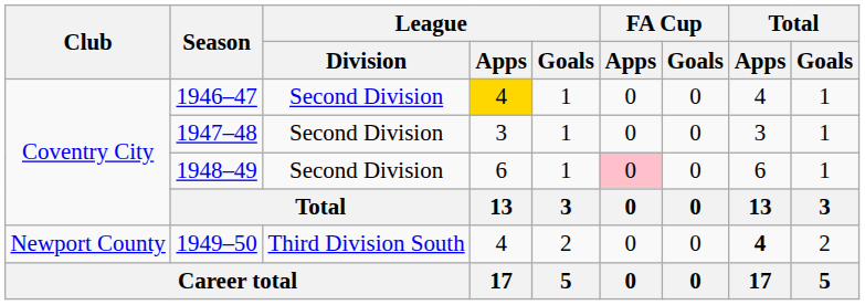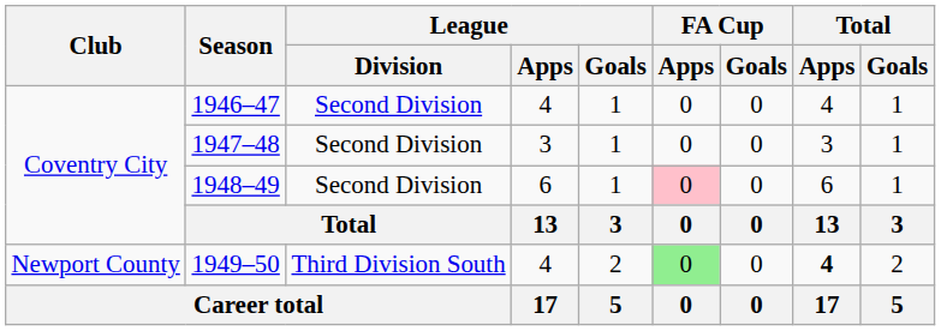 <table class="wikitable" style="text-align: center;">
 <tr>
 <th rowspan="2">Club</th>
 <th rowspan="2">Season</th>
 <th colspan="3">League</th>
 <th colspan="2">FA Cup</th>
 <th colspan="2">Total</th>
 </tr>
 <tr>
 <th>Division</th>
 <th>Apps</th>
 <th>Goals</th>
 <th>Apps</th>
 <th>Goals</th>
 <th>Apps</th>
 <th>Goals</th>
 </tr>
 <tr>
 <td rowspan="4"><a href='#'>Coventry City</a></td>
 <td><a href='#'>1946–47</a></td>
 <td><a href='#'>Second Division</a></td>
-<td style="background: gold;">4</td>
+<td>4</td>
 <td>1</td>
 <td>0</td>
 <td>0</td>
 <td>4</td>
 <td>1</td>
 </tr>
 <tr>
 <td><a href='#'>1947–48</a></td>
 <td>Second Division</td>
 <td>3</td>
 <td>1</td>
 <td>0</td>
 <td>0</td>
 <td>3</td>
 <td>1</td>
 </tr>
 <tr>
 <td><a href='#'>1948–49</a></td>
 <td>Second Division</td>
 <td>6</td>
 <td>1</td>
 <td style="background: pink;">0</td>
 <td>0</td>
 <td>6</td>
 <td>1</td>
 </tr>
 <tr>
 <th colspan="2">Total</th>
 <th>13</th>
 <th>3</th>
 <th>0</th>
 <th>0</th>
 <th>13</th>
 <th>3</th>
 </tr>
 <tr>
 <td><a href='#'>Newport County</a></td>
 <td><a href='#'>1949–50</a></td>
 <td><a href='#'>Third Division South</a></td>
 <td>4</td>
 <td>2</td>
-<td>0</td>
+<td style="background: lightgreen;">0</td>
 <td>0</td>
 <td><strong>4</strong></td>
 <td>2</td>
 </tr>
 <tr>
 <th colspan="3">Career total</th>
 <th>17</th>
 <th>5</th>
 <th>0</th>
 <th>0</th>
 <th>17</th>
 <th>5</th>
 </tr>
 </table>
